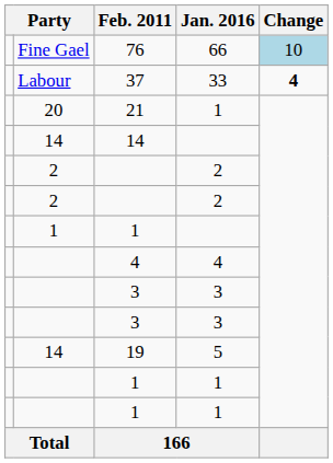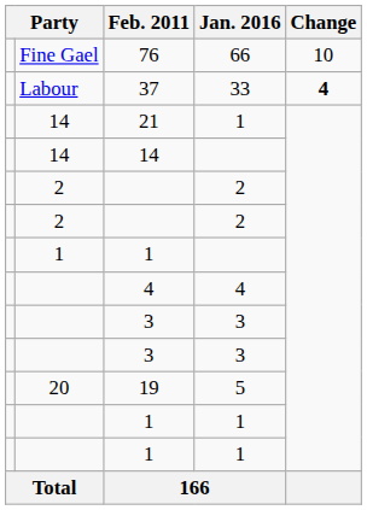 <table class="wikitable sortable" style="font-size: 95%;">
 <tr>
 <th colspan=2>Party</th>
 <th>Feb. 2011</th>
 <th>Jan. 2016</th>
 <th class=unsortable>Change</th>
 </tr>
 <tr>
 <td style="background-color: "></td>
 <td><a href='#'>Fine Gael</a></td>
 <td align="center">76</td>
 <td align="center">66</td>
-<td align="center" style="background: lightblue;"> 10</td>
+<td align="center"> 10</td>
 </tr>
 <tr>
 <td style="background-color: "></td>
 <td><a href='#'>Labour</a></td>
 <td align="center">37</td>
 <td align="center">33</td>
 <td align="center"><strong> 4</strong></td>
 </tr>
 <tr>
 <td></td>
-<td align="center">20</td>
+<td align="center">14</td>
 <td align="center">21</td>
 <td align="center"> 1</td>
 </tr>
 <tr>
 <td></td>
 <td align="center">14</td>
 <td align="center">14</td>
 <td align="center"></td>
 </tr>
 <tr>
 <td></td>
 <td align="center">2</td>
 <td></td>
 <td align="center"> 2</td>
 </tr>
 <tr>
 <td></td>
 <td align="center">2</td>
 <td></td>
 <td align="center"> 2</td>
 </tr>
 <tr>
 <td></td>
 <td align="center">1</td>
 <td align="center">1</td>
 <td align="center"></td>
 </tr>
 <tr>
 <td></td>
 <td></td>
 <td align="center">4</td>
 <td align="center"> 4</td>
 </tr>
 <tr>
 <td></td>
 <td></td>
 <td align="center">3</td>
 <td align="center"> 3</td>
 </tr>
 <tr>
 <td></td>
 <td></td>
 <td align="center">3</td>
 <td align="center"> 3</td>
 </tr>
 <tr>
 <td></td>
-<td align="center">14</td>
+<td align="center">20</td>
 <td align="center">19</td>
 <td align="center"> 5</td>
 </tr>
 <tr>
 <td></td>
 <td></td>
 <td align="center">1</td>
 <td align="center"> 1</td>
 </tr>
 <tr>
 <td></td>
 <td></td>
 <td align="center">1</td>
 <td align="center"> 1</td>
 </tr>
 <tr>
 <th colspan="2">Total</th>
 <th colspan="2" align="center">166</th>
 <th align="center"></th>
 </tr>
 </table>
